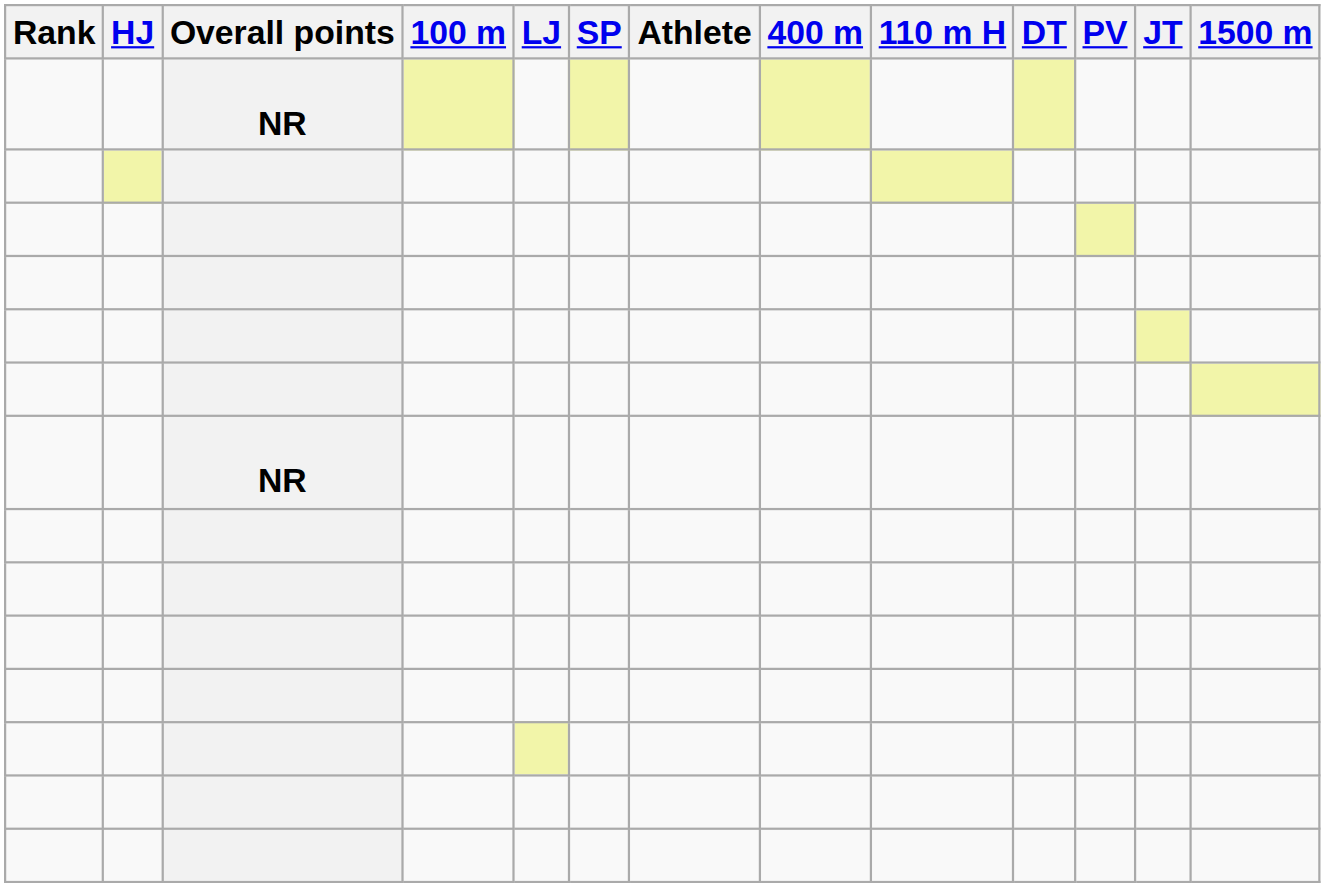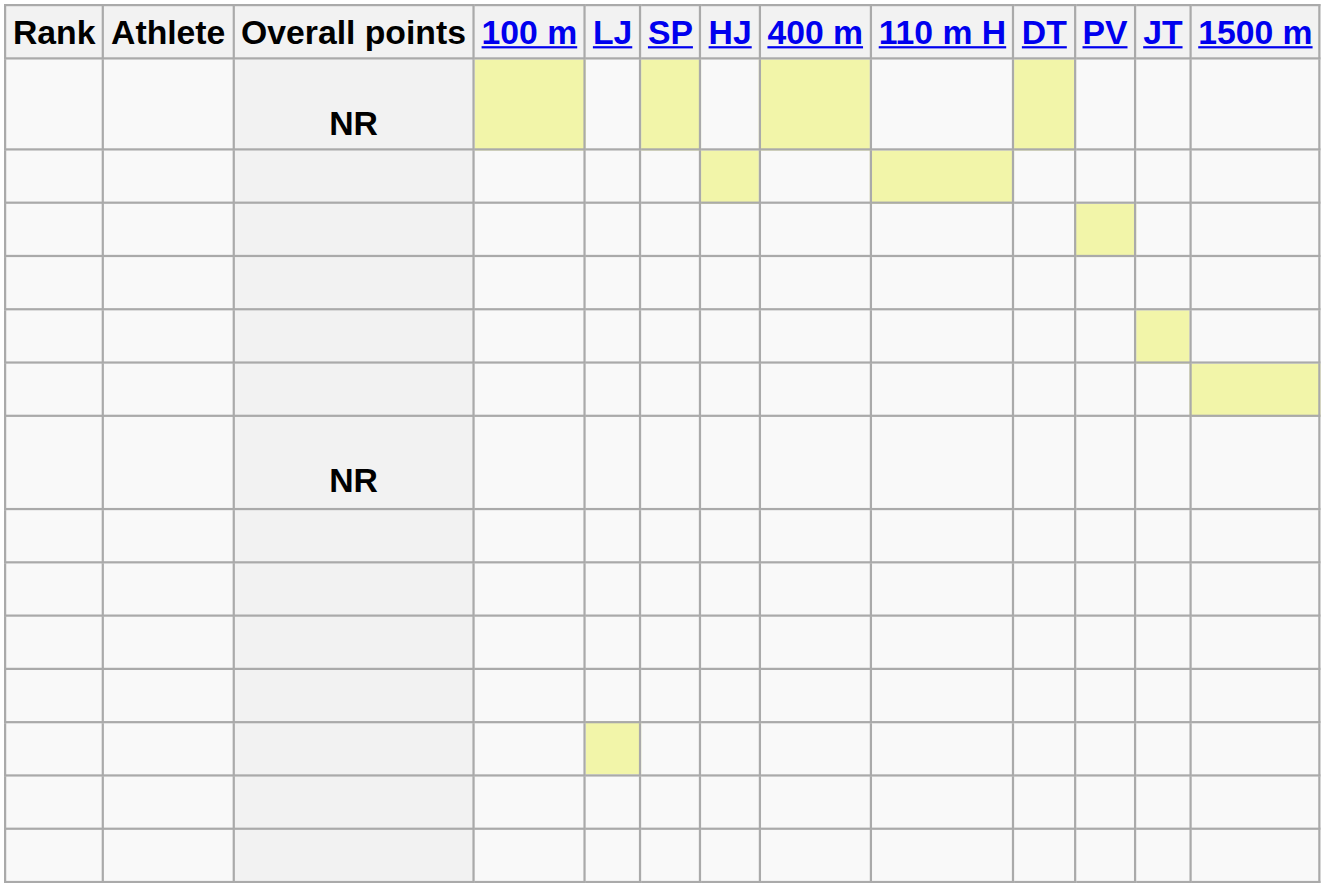 <table class="wikitable sortable" style="font-size:95%;">
 <tr>
 <th>Rank</th>
-<th><a href='#'>HJ</a></th>
+<th>Athlete</th>
 <th>Overall points</th>
 <th><a href='#'>100 m</a></th>
 <th><a href='#'>LJ</a></th>
 <th><a href='#'>SP</a></th>
-<th>Athlete</th>
+<th><a href='#'>HJ</a></th>
 <th><a href='#'>400 m</a></th>
 <th><a href='#'>110 m H</a></th>
 <th><a href='#'>DT</a></th>
 <th><a href='#'>PV</a></th>
 <th><a href='#'>JT</a></th>
 <th><a href='#'>1500 m</a></th>
 </tr>
 <tr>
 <td align=center></td>
-<td></td>
+<td align=left> <br></td>
 <th><br>NR</th>
 <td bgcolor=#F2F5A9></td>
 <td></td>
 <td bgcolor=#F2F5A9></td>
-<td align=left> <br></td>
+<td></td>
 <td bgcolor=#F2F5A9></td>
 <td></td>
 <td bgcolor=#F2F5A9></td>
 <td></td>
 <td></td>
 <td></td>
 </tr>
 <tr>
 <td align=center></td>
-<td bgcolor=#F2F5A9></td>
+<td align=left> <br></td>
 <th></th>
 <td></td>
 <td></td>
 <td></td>
-<td align=left> <br></td>
+<td bgcolor=#F2F5A9></td>
 <td></td>
 <td bgcolor=#F2F5A9></td>
 <td></td>
 <td></td>
 <td></td>
 <td></td>
 </tr>
 <tr>
 <td align=center></td>
-<td></td>
+<td align=left> <br></td>
 <th></th>
 <td></td>
 <td></td>
 <td></td>
-<td align=left> <br></td>
+<td></td>
 <td></td>
 <td></td>
 <td></td>
 <td bgcolor=#F2F5A9></td>
 <td></td>
 <td></td>
 </tr>
 <tr>
 <td align=center></td>
-<td></td>
+<td align=left> <br></td>
 <th></th>
 <td></td>
 <td></td>
 <td></td>
-<td align=left> <br></td>
+<td></td>
 <td></td>
 <td></td>
 <td></td>
 <td></td>
 <td></td>
 <td></td>
 </tr>
 <tr>
 <td align=center></td>
-<td></td>
+<td align=left> <br></td>
 <th></th>
 <td></td>
 <td></td>
 <td></td>
-<td align=left> <br></td>
+<td></td>
 <td></td>
 <td></td>
 <td></td>
 <td></td>
 <td bgcolor=#F2F5A9></td>
 <td></td>
 </tr>
 <tr>
 <td align=center></td>
-<td></td>
+<td align=left> <br></td>
 <th></th>
 <td></td>
 <td></td>
 <td></td>
-<td align=left> <br></td>
+<td></td>
 <td></td>
 <td></td>
 <td></td>
 <td></td>
 <td></td>
 <td bgcolor=#F2F5A9></td>
 </tr>
 <tr>
 <td align=center></td>
-<td></td>
+<td align=left> <br></td>
 <th><br>NR</th>
 <td></td>
 <td></td>
 <td></td>
-<td align=left> <br></td>
+<td></td>
 <td></td>
 <td></td>
 <td></td>
 <td></td>
 <td></td>
 <td></td>
 </tr>
 <tr>
 <td align=center></td>
-<td></td>
+<td align=left> <br></td>
 <th></th>
 <td></td>
 <td></td>
 <td></td>
-<td align=left> <br></td>
+<td></td>
 <td></td>
 <td></td>
 <td></td>
 <td></td>
 <td></td>
 <td></td>
 </tr>
 <tr>
 <td align=center></td>
-<td></td>
+<td align=left> <br></td>
 <th></th>
 <td></td>
 <td></td>
 <td></td>
-<td align=left> <br></td>
+<td></td>
 <td></td>
 <td></td>
 <td></td>
 <td></td>
 <td></td>
 <td></td>
 </tr>
 <tr>
 <td align=center></td>
-<td></td>
+<td align=left> <br></td>
 <th></th>
 <td></td>
 <td></td>
 <td></td>
-<td align=left> <br></td>
+<td></td>
 <td></td>
 <td></td>
 <td></td>
 <td></td>
 <td></td>
 <td></td>
 </tr>
 <tr>
 <td align=center></td>
-<td></td>
+<td align=left> <br></td>
 <th></th>
 <td></td>
 <td></td>
 <td></td>
-<td align=left> <br></td>
+<td></td>
 <td></td>
 <td></td>
 <td></td>
 <td></td>
 <td></td>
 <td></td>
 </tr>
 <tr>
 <td align=center></td>
-<td></td>
+<td align=left> <br></td>
 <th></th>
 <td></td>
 <td bgcolor=#F2F5A9></td>
 <td></td>
-<td align=left> <br></td>
+<td></td>
 <td></td>
 <td></td>
 <td></td>
 <td></td>
 <td></td>
 <td></td>
 </tr>
 <tr>
 <td align=center></td>
-<td></td>
+<td align=left> <br></td>
 <th></th>
 <td></td>
 <td></td>
 <td></td>
-<td align=left> <br></td>
+<td></td>
 <td></td>
 <td></td>
 <td></td>
 <td></td>
 <td></td>
 <td></td>
 </tr>
 <tr>
 <td align=center></td>
-<td></td>
+<td align=left> <br></td>
 <th></th>
 <td></td>
 <td></td>
 <td></td>
-<td align=left> <br></td>
+<td></td>
 <td></td>
 <td></td>
 <td></td>
 <td></td>
 <td></td>
 <td></td>
 </tr>
 </table>
